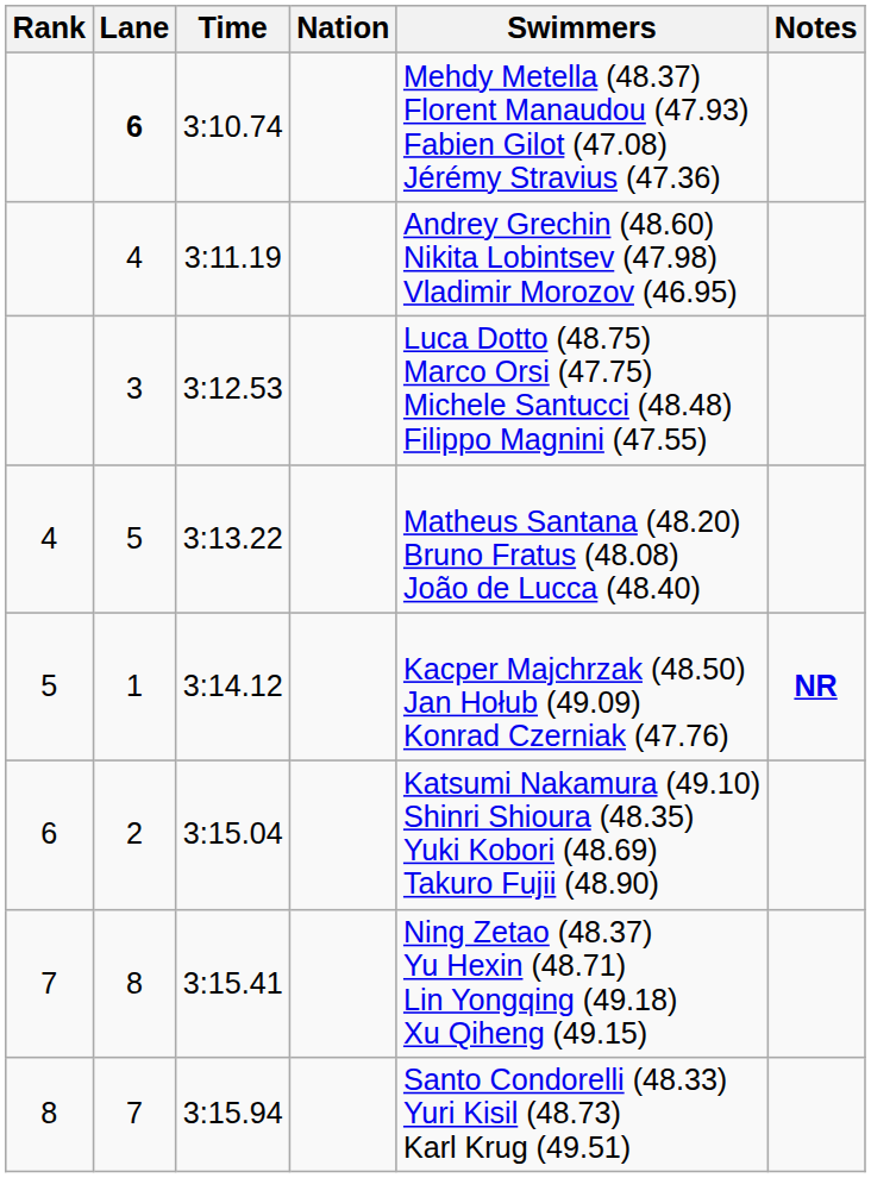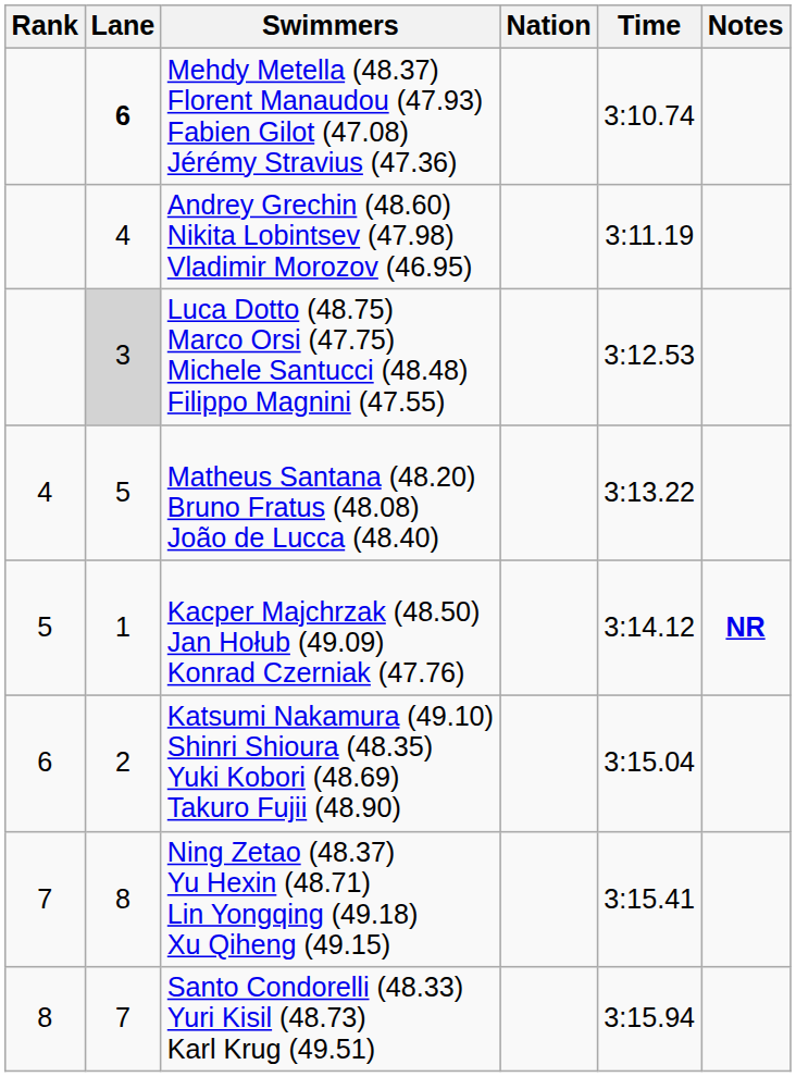 <table class="wikitable sortable" style="text-align:center">
 <tr>
 <th>Rank</th>
 <th>Lane</th>
+<th>Swimmers</th>
+<th>Nation</th>
 <th>Time</th>
-<th>Nation</th>
-<th>Swimmers</th>
 <th>Notes</th>
 </tr>
 <tr>
 <td></td>
 <td><strong>6</strong></td>
+<td align=left><a href='#'>Mehdy Metella</a> (48.37)<br><a href='#'>Florent Manaudou</a> (47.93)<br><a href='#'>Fabien Gilot</a> (47.08)<br><a href='#'>Jérémy Stravius</a> (47.36)</td>
+<td align=left></td>
 <td>3:10.74</td>
-<td align=left></td>
-<td align=left><a href='#'>Mehdy Metella</a> (48.37)<br><a href='#'>Florent Manaudou</a> (47.93)<br><a href='#'>Fabien Gilot</a> (47.08)<br><a href='#'>Jérémy Stravius</a> (47.36)</td>
 <td></td>
 </tr>
 <tr>
 <td></td>
 <td>4</td>
+<td align=left><a href='#'>Andrey Grechin</a> (48.60)<br><a href='#'>Nikita Lobintsev</a> (47.98)<br><a href='#'>Vladimir Morozov</a> (46.95)<br></td>
+<td align=left></td>
 <td>3:11.19</td>
-<td align=left></td>
-<td align=left><a href='#'>Andrey Grechin</a> (48.60)<br><a href='#'>Nikita Lobintsev</a> (47.98)<br><a href='#'>Vladimir Morozov</a> (46.95)<br></td>
 <td></td>
 </tr>
 <tr>
 <td></td>
-<td>3</td>
+<td style="background: lightgrey;">3</td>
+<td align=left><a href='#'>Luca Dotto</a> (48.75)<br><a href='#'>Marco Orsi</a> (47.75)<br><a href='#'>Michele Santucci</a> (48.48)<br><a href='#'>Filippo Magnini</a> (47.55)</td>
+<td align=left></td>
 <td>3:12.53</td>
-<td align=left></td>
-<td align=left><a href='#'>Luca Dotto</a> (48.75)<br><a href='#'>Marco Orsi</a> (47.75)<br><a href='#'>Michele Santucci</a> (48.48)<br><a href='#'>Filippo Magnini</a> (47.55)</td>
 <td></td>
 </tr>
 <tr>
 <td>4</td>
 <td>5</td>
+<td align=left><br><a href='#'>Matheus Santana</a> (48.20)<br><a href='#'>Bruno Fratus</a> (48.08)<br><a href='#'>João de Lucca</a> (48.40)</td>
+<td align=left></td>
 <td>3:13.22</td>
-<td align=left></td>
-<td align=left><br><a href='#'>Matheus Santana</a> (48.20)<br><a href='#'>Bruno Fratus</a> (48.08)<br><a href='#'>João de Lucca</a> (48.40)</td>
 <td></td>
 </tr>
 <tr>
 <td>5</td>
 <td>1</td>
+<td align=left><br><a href='#'>Kacper Majchrzak</a> (48.50)<br><a href='#'>Jan Hołub</a> (49.09)<br><a href='#'>Konrad Czerniak</a> (47.76)</td>
+<td align=left></td>
 <td>3:14.12</td>
-<td align=left></td>
-<td align=left><br><a href='#'>Kacper Majchrzak</a> (48.50)<br><a href='#'>Jan Hołub</a> (49.09)<br><a href='#'>Konrad Czerniak</a> (47.76)</td>
 <td><strong><a href='#'>NR</a></strong></td>
 </tr>
 <tr>
 <td>6</td>
 <td>2</td>
+<td align=left><a href='#'>Katsumi Nakamura</a> (49.10)<br><a href='#'>Shinri Shioura</a> (48.35)<br><a href='#'>Yuki Kobori</a> (48.69)<br><a href='#'>Takuro Fujii</a> (48.90)</td>
+<td align=left></td>
 <td>3:15.04</td>
-<td align=left></td>
-<td align=left><a href='#'>Katsumi Nakamura</a> (49.10)<br><a href='#'>Shinri Shioura</a> (48.35)<br><a href='#'>Yuki Kobori</a> (48.69)<br><a href='#'>Takuro Fujii</a> (48.90)</td>
 <td></td>
 </tr>
 <tr>
 <td>7</td>
 <td>8</td>
+<td align=left><a href='#'>Ning Zetao</a> (48.37)<br><a href='#'>Yu Hexin</a> (48.71)<br><a href='#'>Lin Yongqing</a> (49.18)<br><a href='#'>Xu Qiheng</a> (49.15)</td>
+<td align=left></td>
 <td>3:15.41</td>
-<td align=left></td>
-<td align=left><a href='#'>Ning Zetao</a> (48.37)<br><a href='#'>Yu Hexin</a> (48.71)<br><a href='#'>Lin Yongqing</a> (49.18)<br><a href='#'>Xu Qiheng</a> (49.15)</td>
 <td></td>
 </tr>
 <tr>
 <td>8</td>
 <td>7</td>
+<td align=left><a href='#'>Santo Condorelli</a> (48.33)<br><a href='#'>Yuri Kisil</a> (48.73)<br>Karl Krug (49.51)<br></td>
+<td align=left></td>
 <td>3:15.94</td>
-<td align=left></td>
-<td align=left><a href='#'>Santo Condorelli</a> (48.33)<br><a href='#'>Yuri Kisil</a> (48.73)<br>Karl Krug (49.51)<br></td>
 <td></td>
 </tr>
 </table>
